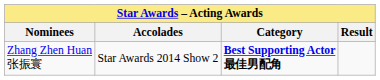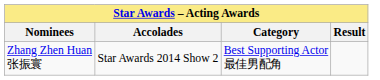 <table class="wikitable sortable">
 <tr>
 <th colspan="4" - style="background:#FAEB86;" align="center"><a href='#'>Star Awards</a> – Acting Awards</th>
 </tr>
 <tr>
 <th>Nominees</th>
 <th>Accolades</th>
 <th>Category</th>
 <th>Result</th>
 </tr>
 <tr>
 <td><a href='#'>Zhang Zhen Huan</a> <br> 张振寰</td>
 <td>Star Awards 2014 Show 2</td>
-<td><strong><a href='#'>Best Supporting Actor</a> <br> 最佳男配角</strong></td>
+<td><a href='#'>Best Supporting Actor</a> <br> 最佳男配角</td>
 <td></td>
 </tr>
 </table>
